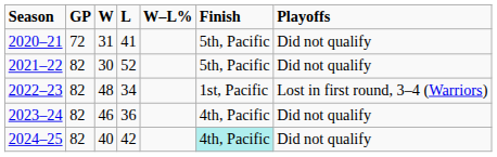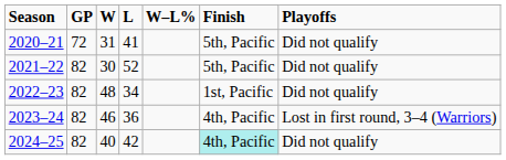 <table class="wikitable">
 <tr style="font-weight:bold; ">
 <td>Season</td>
 <td>GP</td>
 <td>W</td>
 <td>L</td>
 <td>W–L%</td>
 <td>Finish</td>
 <td>Playoffs</td>
 </tr>
 <tr>
 <td><a href='#'>2020–21</a></td>
 <td>72</td>
 <td>31</td>
 <td>41</td>
 <td></td>
 <td>5th, Pacific</td>
 <td>Did not qualify</td>
 </tr>
 <tr>
 <td><a href='#'>2021–22</a></td>
 <td>82</td>
 <td>30</td>
 <td>52</td>
 <td></td>
 <td>5th, Pacific</td>
 <td>Did not qualify</td>
 </tr>
 <tr>
 <td><a href='#'>2022–23</a></td>
 <td>82</td>
 <td>48</td>
 <td>34</td>
 <td></td>
 <td>1st, Pacific</td>
-<td>Lost in first round, 3–4 (<a href='#'>Warriors</a>)</td>
+<td>Did not qualify</td>
 </tr>
 <tr>
 <td><a href='#'>2023–24</a></td>
 <td>82</td>
 <td>46</td>
 <td>36</td>
 <td></td>
 <td>4th, Pacific</td>
-<td>Did not qualify</td>
+<td>Lost in first round, 3–4 (<a href='#'>Warriors</a>)</td>
 </tr>
 <tr>
 <td><a href='#'>2024–25</a></td>
 <td>82</td>
 <td>40</td>
 <td>42</td>
 <td></td>
 <td style="background: paleturquoise;">4th, Pacific</td>
 <td>Did not qualify</td>
 </tr>
 </table>
